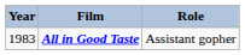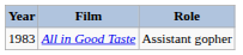 <table class="wikitable" style="font-size:95%;">
 <tr>
 <th style="background:#B0C4DE;">Year</th>
 <th style="background:#B0C4DE;">Film</th>
 <th style="background:#B0C4DE;">Role</th>
 </tr>
 <tr>
 <td>1983</td>
-<td><strong><em><a href='#'>All in Good Taste</a></em></strong></td>
+<td><em><a href='#'>All in Good Taste</a></em></td>
 <td>Assistant gopher</td>
 </tr>
 </table>
